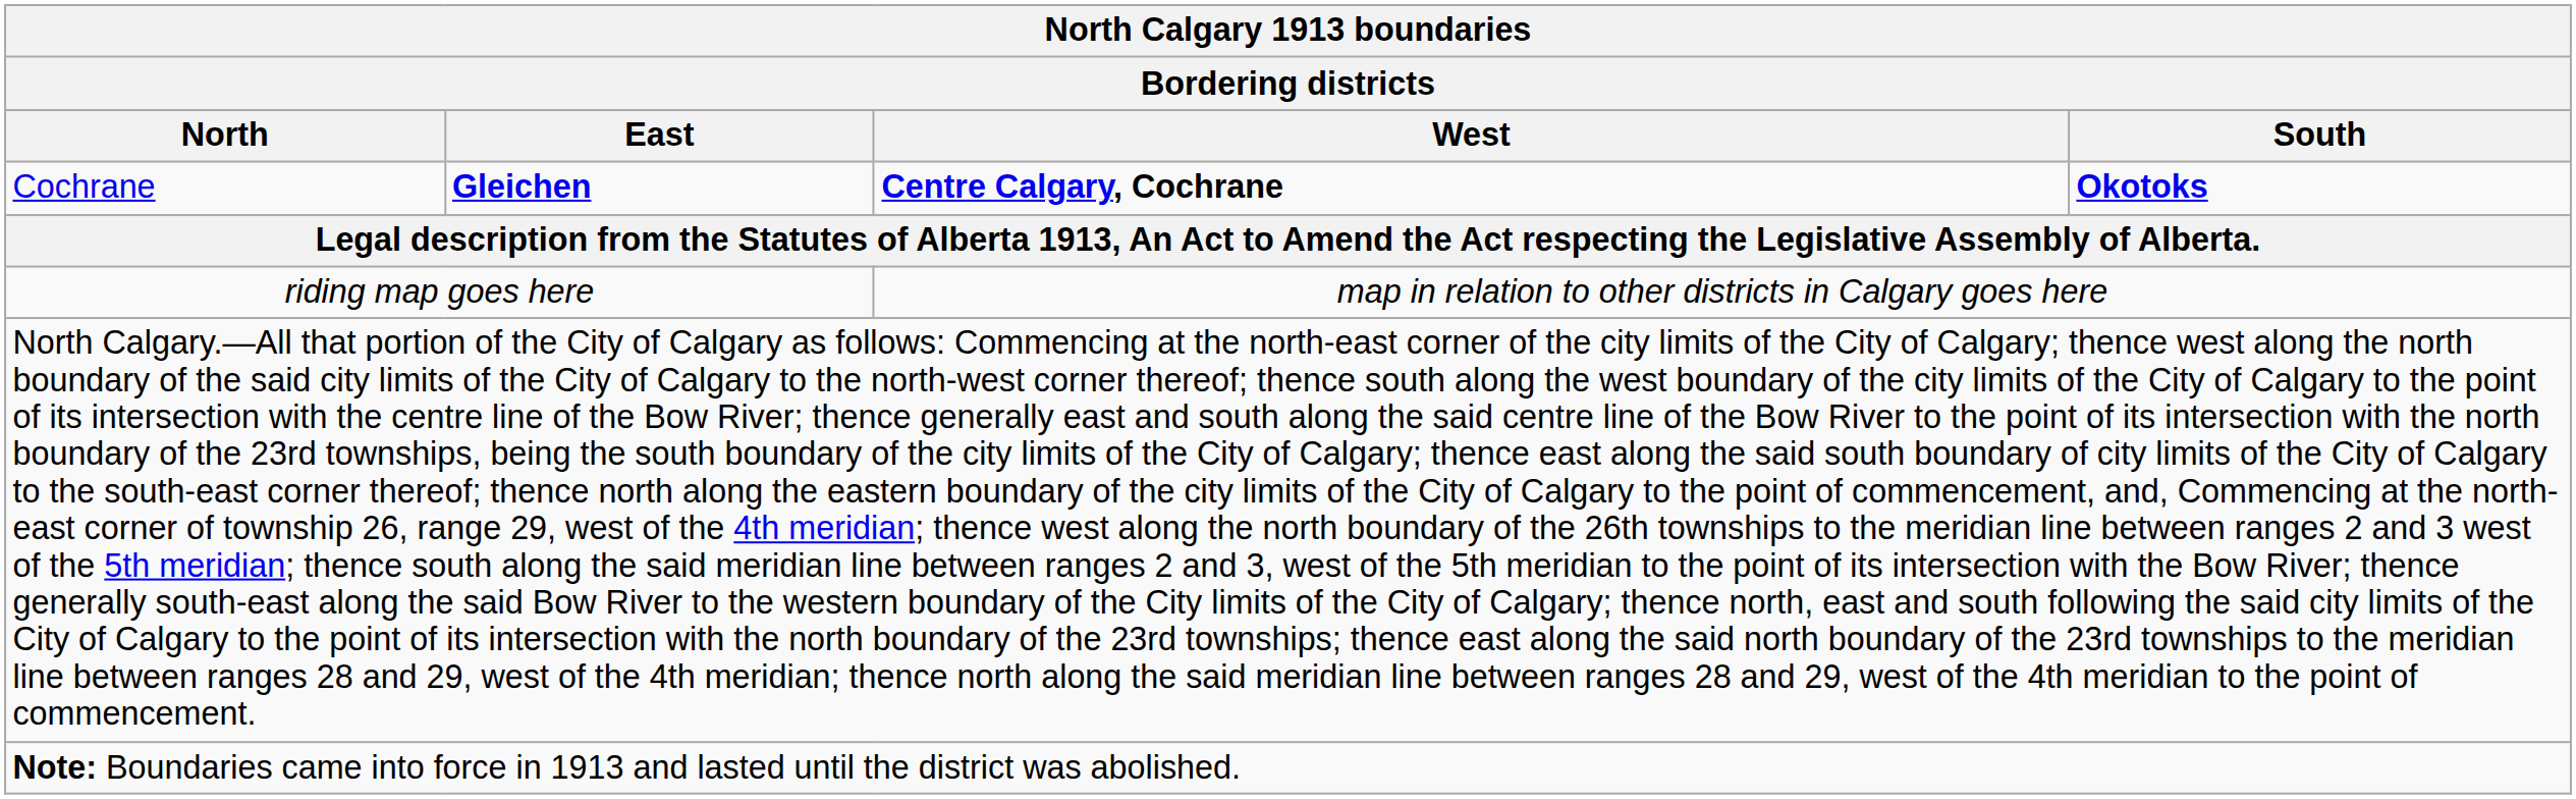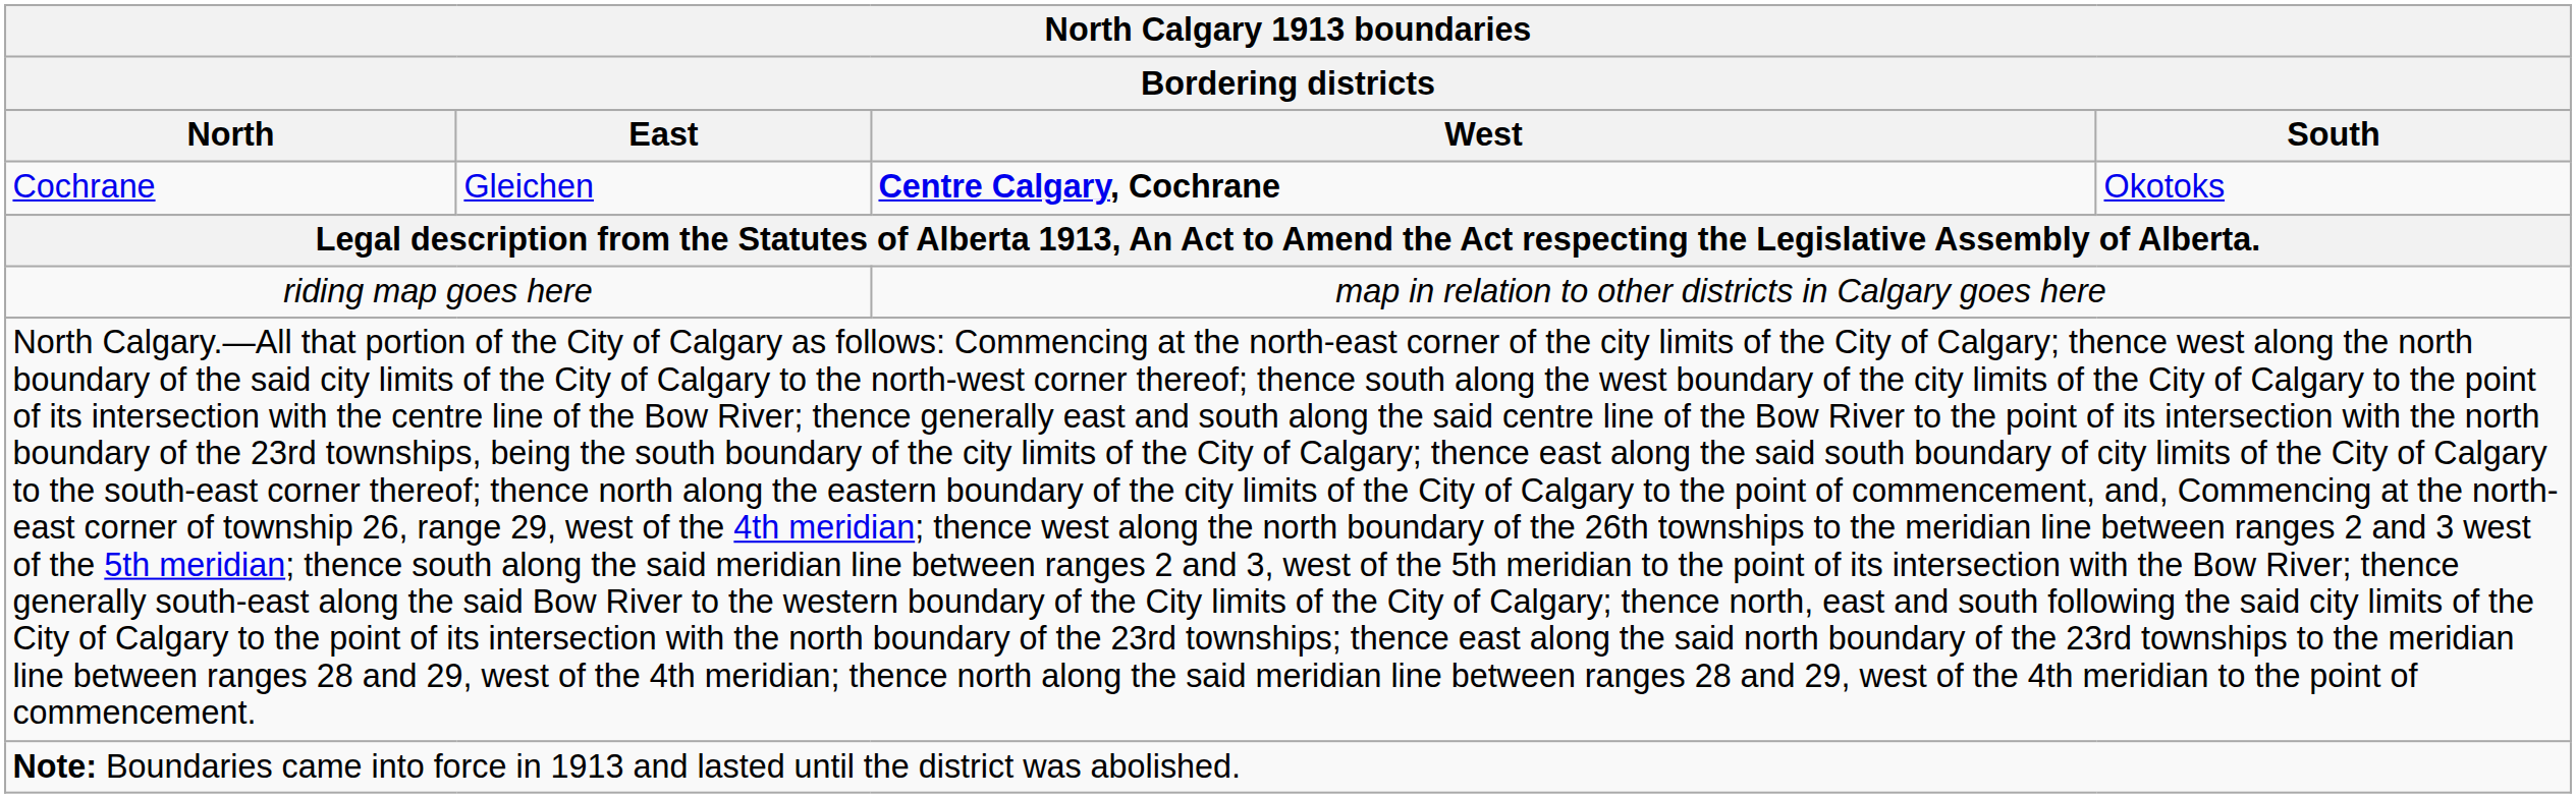 <table class="wikitable collapsible collapsed">
 <tr>
 <th colspan=4>North Calgary 1913 boundaries</th>
 </tr>
 <tr>
 <th colspan=4>Bordering districts</th>
 </tr>
 <tr>
 <th>North</th>
 <th>East</th>
 <th>West</th>
 <th>South</th>
 </tr>
 <tr>
 <td><a href='#'>Cochrane</a></td>
-<td><strong><a href='#'>Gleichen</a></strong></td>
+<td><a href='#'>Gleichen</a></td>
 <td><strong><a href='#'>Centre Calgary</a>, Cochrane</strong></td>
-<td><strong><a href='#'>Okotoks</a></strong></td>
+<td><a href='#'>Okotoks</a></td>
 </tr>
 <tr>
 <th colspan=4>Legal description from the Statutes of Alberta 1913, An Act to Amend the Act respecting the Legislative Assembly of Alberta.</th>
 </tr>
 <tr>
 <td colspan=2 align=center><em>riding map goes here</em></td>
 <td colspan=2 align=center><em>map in relation to other districts in Calgary goes here</em></td>
 </tr>
 <tr>
 <td colspan=4>North Calgary.—All that portion of the City of Calgary as follows: Commencing at the north-east corner of the city limits of the City of Calgary; thence west along the north boundary of the said city limits of the City of Calgary to the north-west corner thereof; thence south along the west boundary of the city limits of the City of Calgary to the point of its intersection with the centre line of the Bow River; thence generally east and south along the said centre line of the Bow River to the point of its intersection with the north boundary of the 23rd townships, being the south boundary of the city limits of the City of Calgary; thence east along the said south boundary of city limits of the City of Calgary to the south-east corner thereof; thence north along the eastern boundary of the city limits of the City of Calgary to the point of commencement, and, Commencing at the north-east corner of township 26, range 29, west of the <a href='#'>4th meridian</a>; thence west along the north boundary of the 26th townships to the meridian line between ranges 2 and 3 west of the <a href='#'>5th meridian</a>; thence south along the said meridian line between ranges 2 and 3, west of the 5th meridian to the point of its intersection with the Bow River; thence generally south-east along the said Bow River to the western boundary of the City limits of the City of Calgary; thence north, east and south following the said city limits of the City of Calgary to the point of its intersection with the north boundary of the 23rd townships; thence east along the said north boundary of the 23rd townships to the meridian line between ranges 28 and 29, west of the 4th meridian; thence north along the said meridian line between ranges 28 and 29, west of the 4th meridian to the point of commencement.</td>
 </tr>
 <tr>
 <td colspan=4><strong>Note:</strong> Boundaries came into force in 1913 and lasted until the district was abolished.</td>
 </tr>
 </table>
